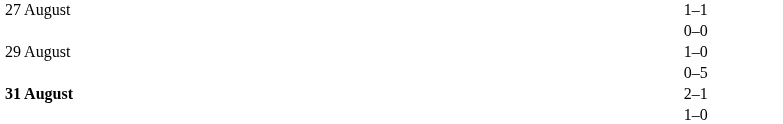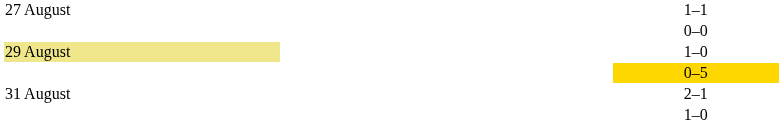 <table cellspacing=1 width=70%>
 <tr>
 <th width=25%></th>
 <th width=30%></th>
 <th width=15%></th>
 <th width=30%></th>
 </tr>
 <tr>
 <td>27 August</td>
 <td align=right></td>
 <td align=center>1–1</td>
 <td></td>
 </tr>
 <tr>
 <td></td>
 <td align=right></td>
 <td align=center>0–0</td>
 <td></td>
 </tr>
 <tr>
-<td>29 August</td>
+<td style="background: khaki;">29 August</td>
 <td align=right></td>
 <td align=center>1–0</td>
 <td></td>
 </tr>
 <tr>
 <td></td>
 <td align=right></td>
-<td align=center>0–5</td>
+<td align=center style="background: gold;">0–5</td>
 <td></td>
 </tr>
 <tr>
-<td><strong>31 August</strong></td>
+<td>31 August</td>
 <td align=right></td>
 <td align=center>2–1</td>
 <td></td>
 </tr>
 <tr>
 <td></td>
 <td align=right></td>
 <td align=center>1–0</td>
 <td></td>
 </tr>
 </table>
